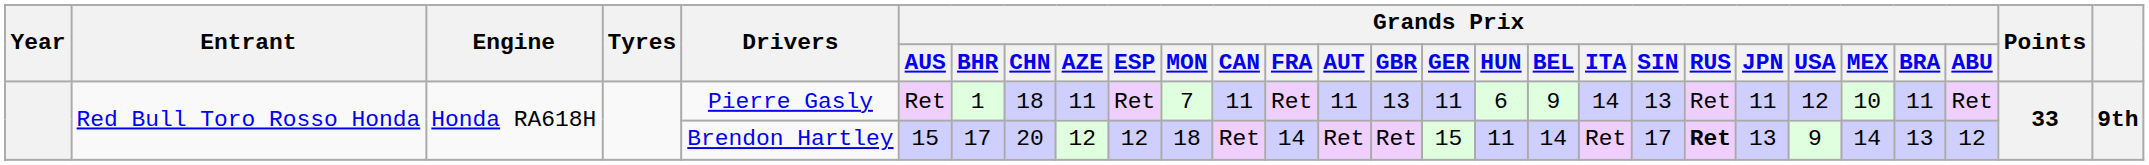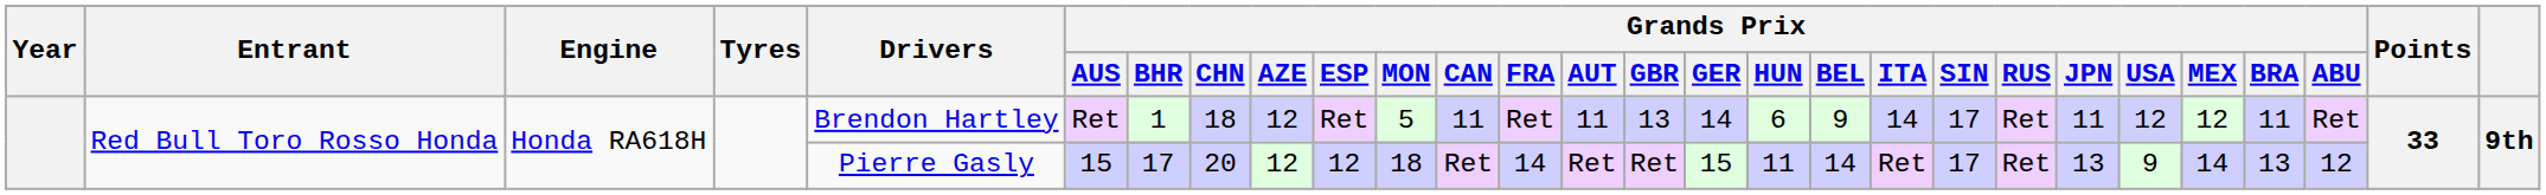 <table class="wikitable" style="text-align:center; font-size:90%">
 <tr>
 <th rowspan="2">Year</th>
 <th rowspan="2">Entrant</th>
 <th rowspan="2">Engine</th>
 <th rowspan="2">Tyres</th>
 <th rowspan="2">Drivers</th>
 <th colspan="21">Grands Prix</th>
 <th rowspan="2">Points</th>
 <th rowspan="2"></th>
 </tr>
 <tr>
 <th><a href='#'>AUS</a></th>
 <th><a href='#'>BHR</a></th>
 <th><a href='#'>CHN</a></th>
 <th><a href='#'>AZE</a></th>
 <th><a href='#'>ESP</a></th>
 <th><a href='#'>MON</a></th>
 <th><a href='#'>CAN</a></th>
 <th><a href='#'>FRA</a></th>
 <th><a href='#'>AUT</a></th>
 <th><a href='#'>GBR</a></th>
 <th><a href='#'>GER</a></th>
 <th><a href='#'>HUN</a></th>
 <th><a href='#'>BEL</a></th>
 <th><a href='#'>ITA</a></th>
 <th><a href='#'>SIN</a></th>
 <th><a href='#'>RUS</a></th>
 <th><a href='#'>JPN</a></th>
 <th><a href='#'>USA</a></th>
 <th><a href='#'>MEX</a></th>
 <th><a href='#'>BRA</a></th>
 <th><a href='#'>ABU</a></th>
 </tr>
 <tr>
 <th rowspan="2"></th>
 <td rowspan="2"><a href='#'>Red Bull Toro Rosso Honda</a></td>
 <td rowspan="2"><a href='#'>Honda</a> RA618H</td>
 <td rowspan="2"></td>
-<td> <a href='#'>Pierre Gasly</a></td>
+<td> <a href='#'>Brendon Hartley</a></td>
 <td style="background-color:#efcfff">Ret</td>
 <td style="background-color:#dfffdf">1</td>
 <td style="background-color:#cfcfff">18</td>
-<td style="background-color:#cfcfff">11</td>
+<td style="background-color:#cfcfff">12</td>
 <td style="background-color:#efcfff">Ret</td>
-<td style="background-color:#dfffdf">7</td>
+<td style="background-color:#dfffdf">5</td>
 <td style="background-color:#cfcfff">11</td>
 <td style="background-color:#efcfff">Ret</td>
 <td style="background-color:#cfcfff">11</td>
 <td style="background-color:#cfcfff">13</td>
-<td style="background-color:#cfcfff">11</td>
+<td style="background-color:#cfcfff">14</td>
 <td style="background-color:#dfffdf">6</td>
 <td style="background-color:#dfffdf">9</td>
 <td style="background-color:#cfcfff">14</td>
-<td style="background-color:#cfcfff">13</td>
+<td style="background-color:#cfcfff">17</td>
 <td style="background-color:#efcfff">Ret</td>
 <td style="background-color:#cfcfff">11</td>
 <td style="background-color:#cfcfff">12</td>
-<td style="background-color:#dfffdf">10</td>
+<td style="background-color:#dfffdf">12</td>
 <td style="background-color:#cfcfff">11</td>
 <td style="background-color:#efcfff">Ret</td>
 <th rowspan="2">33</th>
 <th rowspan="2">9th</th>
 </tr>
 <tr>
-<td> <a href='#'>Brendon Hartley</a></td>
+<td> <a href='#'>Pierre Gasly</a></td>
 <td style="background-color:#cfcfff">15</td>
 <td style="background-color:#cfcfff">17</td>
 <td style="background-color:#cfcfff">20</td>
 <td style="background-color:#dfffdf">12</td>
 <td style="background-color:#cfcfff">12</td>
 <td style="background-color:#cfcfff">18</td>
 <td style="background-color:#efcfff">Ret</td>
 <td style="background-color:#cfcfff">14</td>
 <td style="background-color:#efcfff">Ret</td>
 <td style="background-color:#efcfff">Ret</td>
 <td style="background-color:#dfffdf">15</td>
 <td style="background-color:#cfcfff">11</td>
 <td style="background-color:#cfcfff">14</td>
 <td style="background-color:#efcfff">Ret</td>
 <td style="background-color:#cfcfff">17</td>
-<td style="background-color:#efcfff"><strong>Ret</strong></td>
+<td style="background-color:#efcfff">Ret</td>
 <td style="background-color:#cfcfff">13</td>
 <td style="background-color:#dfffdf">9</td>
 <td style="background-color:#cfcfff">14</td>
 <td style="background-color:#cfcfff">13</td>
 <td style="background-color:#cfcfff">12</td>
 </tr>
 </table>
